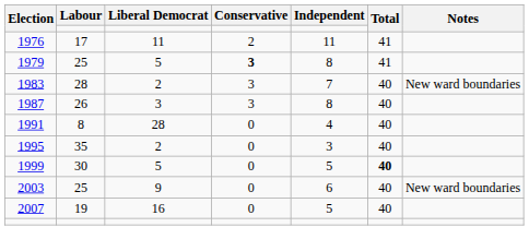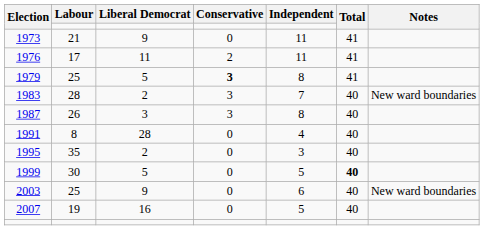 <table class="wikitable" style="text-align: center">
 <tr>
 <th rowspan="2">Election</th>
 <th>Labour</th>
 <th>Liberal Democrat</th>
 <th>Conservative</th>
 <th>Independent</th>
 <th rowspan="2">Total</th>
 <th rowspan="2">Notes</th>
 </tr>
 <tr>
 <td style="background-color: "></td>
 <td style="background-color: "></td>
 <td style="background-color: "></td>
 <td style="background-color: "></td>
+</tr>
+<tr>
+<td><a href='#'>1973</a></td>
+<td>21</td>
+<td>9</td>
+<td>0</td>
+<td>11</td>
+<td>41</td>
+<td></td>
 </tr>
 <tr>
 <td><a href='#'>1976</a></td>
 <td>17</td>
 <td>11</td>
 <td>2</td>
 <td>11</td>
 <td>41</td>
 <td></td>
 </tr>
 <tr>
 <td><a href='#'>1979</a></td>
 <td>25</td>
 <td>5</td>
 <td><strong>3</strong></td>
 <td>8</td>
 <td>41</td>
 <td></td>
 </tr>
 <tr>
 <td><a href='#'>1983</a></td>
 <td>28</td>
 <td>2</td>
 <td>3</td>
 <td>7</td>
 <td>40</td>
 <td>New ward boundaries</td>
 </tr>
 <tr>
 <td><a href='#'>1987</a></td>
 <td>26</td>
 <td>3</td>
 <td>3</td>
 <td>8</td>
 <td>40</td>
 <td></td>
 </tr>
 <tr>
 <td><a href='#'>1991</a></td>
 <td>8</td>
 <td>28</td>
 <td>0</td>
 <td>4</td>
 <td>40</td>
 <td></td>
 </tr>
 <tr>
 <td><a href='#'>1995</a></td>
 <td>35</td>
 <td>2</td>
 <td>0</td>
 <td>3</td>
 <td>40</td>
 <td></td>
 </tr>
 <tr>
 <td><a href='#'>1999</a></td>
 <td>30</td>
 <td>5</td>
 <td>0</td>
 <td>5</td>
 <td><strong>40</strong></td>
 <td></td>
 </tr>
 <tr>
 <td><a href='#'>2003</a></td>
 <td>25</td>
 <td>9</td>
 <td>0</td>
 <td>6</td>
 <td>40</td>
 <td>New ward boundaries</td>
 </tr>
 <tr>
 <td><a href='#'>2007</a></td>
 <td>19</td>
 <td>16</td>
 <td>0</td>
 <td>5</td>
 <td>40</td>
 <td></td>
 </tr>
 <tr>
 <td></td>
 <td style="background-color: "></td>
 <td style="background-color: "></td>
 <td style="background-color: "></td>
 <td style="background-color: "></td>
 <td></td>
 <td></td>
 </tr>
 </table>
